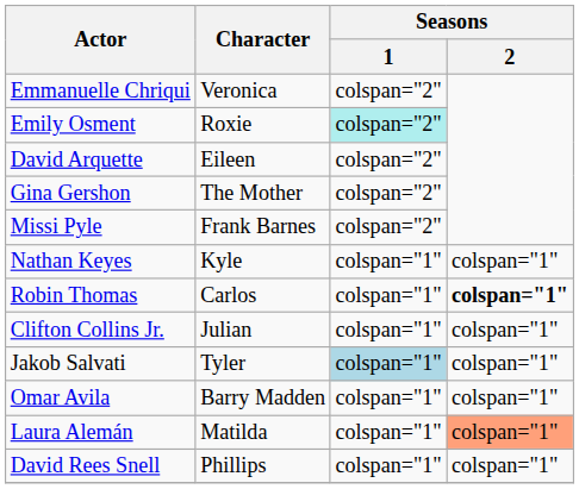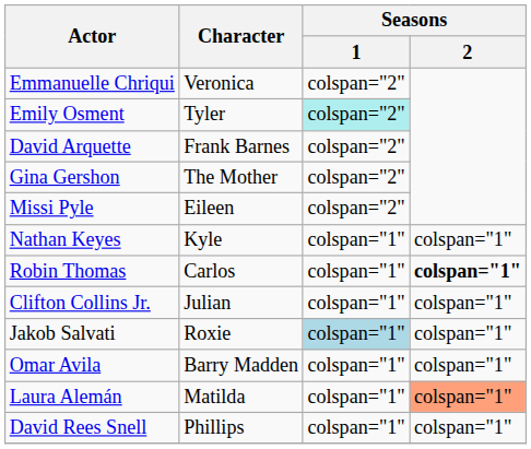 <table class="wikitable">
 <tr>
 <th rowspan="2">Actor</th>
 <th rowspan="2">Character</th>
 <th colspan="7">Seasons</th>
 </tr>
 <tr>
 <th style="width:50pt;">1</th>
 <th style="width:50pt;">2</th>
 </tr>
 <tr>
 <td><a href='#'>Emmanuelle Chriqui</a></td>
 <td>Veronica</td>
 <td>colspan="2" </td>
 </tr>
 <tr>
 <td><a href='#'>Emily Osment</a></td>
-<td>Roxie</td>
+<td>Tyler</td>
 <td style="background: paleturquoise;">colspan="2" </td>
 </tr>
 <tr>
 <td><a href='#'>David Arquette</a></td>
-<td>Eileen</td>
+<td>Frank Barnes</td>
 <td>colspan="2" </td>
 </tr>
 <tr>
 <td><a href='#'>Gina Gershon</a></td>
 <td>The Mother</td>
 <td>colspan="2" </td>
 </tr>
 <tr>
 <td><a href='#'>Missi Pyle</a></td>
-<td>Frank Barnes</td>
+<td>Eileen</td>
 <td>colspan="2" </td>
 </tr>
 <tr>
 <td><a href='#'>Nathan Keyes</a></td>
 <td>Kyle</td>
 <td>colspan="1" </td>
 <td>colspan="1" </td>
 </tr>
 <tr>
 <td><a href='#'>Robin Thomas</a></td>
 <td>Carlos</td>
 <td>colspan="1" </td>
 <td><strong>colspan="1" </strong></td>
 </tr>
 <tr>
 <td><a href='#'>Clifton Collins Jr.</a></td>
 <td>Julian</td>
 <td>colspan="1" </td>
 <td>colspan="1" </td>
 </tr>
 <tr>
 <td>Jakob Salvati</td>
-<td>Tyler</td>
+<td>Roxie</td>
 <td style="background: lightblue;">colspan="1" </td>
 <td>colspan="1" </td>
 </tr>
 <tr>
 <td><a href='#'>Omar Avila</a></td>
 <td>Barry Madden</td>
 <td>colspan="1" </td>
 <td>colspan="1" </td>
 </tr>
 <tr>
 <td><a href='#'>Laura Alemán</a></td>
 <td>Matilda</td>
 <td>colspan="1" </td>
 <td style="background: lightsalmon;">colspan="1" </td>
 </tr>
 <tr>
 <td><a href='#'>David Rees Snell</a></td>
 <td>Phillips</td>
 <td>colspan="1" </td>
 <td>colspan="1" </td>
 </tr>
 <tr>
 </tr>
 </table>
